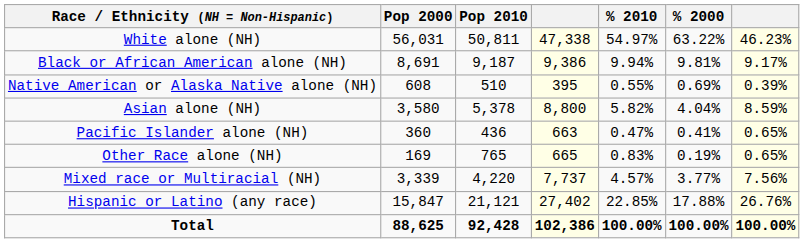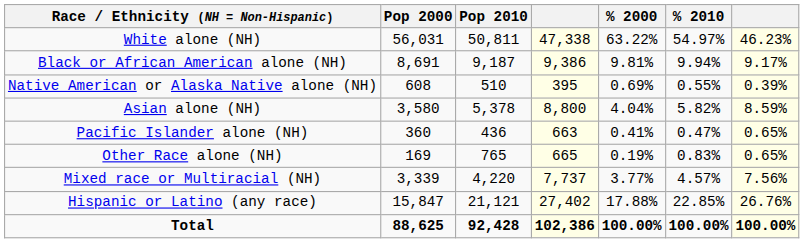 <table class="wikitable" style="text-align:center;">
 <tr>
 <th>Race / Ethnicity <small>(<em>NH = Non-Hispanic</em>)</small></th>
 <th>Pop 2000</th>
 <th>Pop 2010</th>
 <th></th>
+<th>% 2000</th>
 <th>% 2010</th>
-<th>% 2000</th>
 <th></th>
 </tr>
 <tr>
 <td><a href='#'>White</a> alone (NH)</td>
 <td>56,031</td>
 <td>50,811</td>
 <td style='background: #ffffe6;'>47,338</td>
+<td>63.22%</td>
 <td>54.97%</td>
-<td>63.22%</td>
 <td style='background: #ffffe6;'>46.23%</td>
 </tr>
 <tr>
 <td><a href='#'>Black or African American</a> alone (NH)</td>
 <td>8,691</td>
 <td>9,187</td>
 <td style='background: #ffffe6;'>9,386</td>
+<td>9.81%</td>
 <td>9.94%</td>
-<td>9.81%</td>
 <td style='background: #ffffe6;'>9.17%</td>
 </tr>
 <tr>
 <td><a href='#'>Native American</a> or <a href='#'>Alaska Native</a> alone (NH)</td>
 <td>608</td>
 <td>510</td>
 <td style='background: #ffffe6;'>395</td>
+<td>0.69%</td>
 <td>0.55%</td>
-<td>0.69%</td>
 <td style='background: #ffffe6;'>0.39%</td>
 </tr>
 <tr>
 <td><a href='#'>Asian</a> alone (NH)</td>
 <td>3,580</td>
 <td>5,378</td>
 <td style='background: #ffffe6;'>8,800</td>
+<td>4.04%</td>
 <td>5.82%</td>
-<td>4.04%</td>
 <td style='background: #ffffe6;'>8.59%</td>
 </tr>
 <tr>
 <td><a href='#'>Pacific Islander</a> alone (NH)</td>
 <td>360</td>
 <td>436</td>
 <td style='background: #ffffe6;'>663</td>
+<td>0.41%</td>
 <td>0.47%</td>
-<td>0.41%</td>
 <td style='background: #ffffe6;'>0.65%</td>
 </tr>
 <tr>
 <td><a href='#'>Other Race</a> alone (NH)</td>
 <td>169</td>
 <td>765</td>
 <td style='background: #ffffe6;'>665</td>
+<td>0.19%</td>
 <td>0.83%</td>
-<td>0.19%</td>
 <td style='background: #ffffe6;'>0.65%</td>
 </tr>
 <tr>
 <td><a href='#'>Mixed race or Multiracial</a> (NH)</td>
 <td>3,339</td>
 <td>4,220</td>
 <td style='background: #ffffe6;'>7,737</td>
+<td>3.77%</td>
 <td>4.57%</td>
-<td>3.77%</td>
 <td style='background: #ffffe6;'>7.56%</td>
 </tr>
 <tr>
 <td><a href='#'>Hispanic or Latino</a> (any race)</td>
 <td>15,847</td>
 <td>21,121</td>
 <td style='background: #ffffe6;'>27,402</td>
+<td>17.88%</td>
 <td>22.85%</td>
-<td>17.88%</td>
 <td style='background: #ffffe6;'>26.76%</td>
 </tr>
 <tr>
 <td><strong>Total</strong></td>
 <td><strong>88,625</strong></td>
 <td><strong>92,428</strong></td>
 <td style='background: #ffffe6;'><strong>102,386</strong></td>
 <td><strong>100.00%</strong></td>
 <td><strong>100.00%</strong></td>
 <td style='background: #ffffe6;'><strong>100.00%</strong></td>
 </tr>
 </table>
